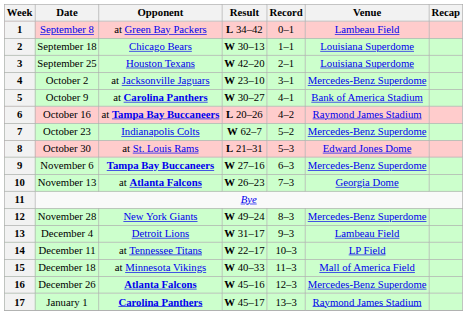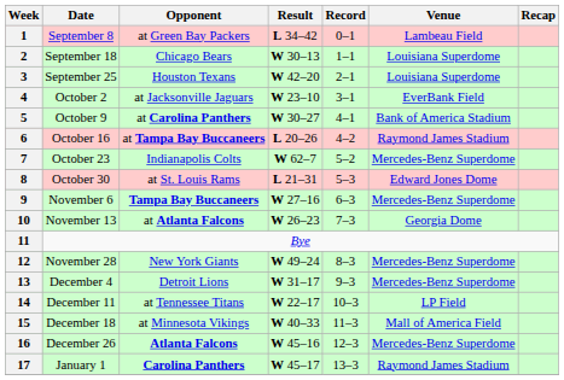 <table class="wikitable" style="text-align:center">
 <tr>
 <th>Week</th>
 <th>Date</th>
 <th>Opponent</th>
 <th>Result</th>
 <th>Record</th>
 <th>Venue</th>
 <th>Recap</th>
 </tr>
 <tr style="background:#fcc">
 <th>1</th>
 <td><a href='#'>September 8</a></td>
 <td>at <a href='#'>Green Bay Packers</a></td>
 <td><strong>L</strong> 34–42</td>
 <td>0–1</td>
 <td><a href='#'>Lambeau Field</a></td>
 <td></td>
 </tr>
 <tr style="background:#cfc">
 <th>2</th>
 <td>September 18</td>
 <td><a href='#'>Chicago Bears</a></td>
 <td><strong>W</strong> 30–13</td>
 <td>1–1</td>
 <td><a href='#'>Louisiana Superdome</a></td>
 <td></td>
 </tr>
 <tr style="background:#cfc">
 <th>3</th>
 <td>September 25</td>
 <td><a href='#'>Houston Texans</a></td>
 <td><strong>W</strong> 42–20</td>
 <td>2–1</td>
 <td><a href='#'>Louisiana Superdome</a></td>
 <td></td>
 </tr>
 <tr style="background:#cfc">
 <th>4</th>
 <td>October 2</td>
 <td>at <a href='#'>Jacksonville Jaguars</a></td>
 <td><strong>W</strong> 23–10</td>
 <td>3–1</td>
-<td><a href='#'>Mercedes-Benz Superdome</a></td>
+<td><a href='#'>EverBank Field</a></td>
 <td></td>
 </tr>
 <tr style="background:#cfc">
 <th>5</th>
 <td>October 9</td>
 <td>at <strong><a href='#'>Carolina Panthers</a></strong></td>
 <td><strong>W</strong> 30–27</td>
 <td>4–1</td>
 <td><a href='#'>Bank of America Stadium</a></td>
 <td></td>
 </tr>
 <tr style="background:#fcc">
 <th>6</th>
 <td>October 16</td>
 <td>at <strong><a href='#'>Tampa Bay Buccaneers</a></strong></td>
 <td><strong>L</strong> 20–26</td>
 <td>4–2</td>
 <td><a href='#'>Raymond James Stadium</a></td>
 <td></td>
 </tr>
 <tr style="background:#cfc">
 <th>7</th>
 <td>October 23</td>
 <td><a href='#'>Indianapolis Colts</a></td>
 <td><strong>W</strong> 62–7</td>
 <td>5–2</td>
 <td><a href='#'>Mercedes-Benz Superdome</a></td>
 <td></td>
 </tr>
 <tr style="background:#fcc">
 <th>8</th>
 <td>October 30</td>
 <td>at <a href='#'>St. Louis Rams</a></td>
 <td><strong>L</strong> 21–31</td>
 <td>5–3</td>
 <td><a href='#'>Edward Jones Dome</a></td>
 <td></td>
 </tr>
 <tr style="background:#cfc">
 <th>9</th>
 <td>November 6</td>
 <td><strong><a href='#'>Tampa Bay Buccaneers</a></strong></td>
 <td><strong>W</strong> 27–16</td>
 <td>6–3</td>
 <td><a href='#'>Mercedes-Benz Superdome</a></td>
 <td></td>
 </tr>
 <tr style="background:#cfc">
 <th>10</th>
 <td>November 13</td>
 <td>at <strong><a href='#'>Atlanta Falcons</a></strong></td>
 <td><strong>W</strong> 26–23 </td>
 <td>7–3</td>
 <td><a href='#'>Georgia Dome</a></td>
 <td></td>
 </tr>
 <tr>
 <th>11</th>
 <td colspan="8"><em><a href='#'>Bye</a></em></td>
 </tr>
 <tr style="background:#cfc">
 <th>12</th>
 <td>November 28</td>
 <td><a href='#'>New York Giants</a></td>
 <td><strong>W</strong> 49–24</td>
 <td>8–3</td>
 <td><a href='#'>Mercedes-Benz Superdome</a></td>
 <td></td>
 </tr>
 <tr style="background:#cfc">
 <th>13</th>
 <td>December 4</td>
 <td><a href='#'>Detroit Lions</a></td>
 <td><strong>W</strong> 31–17</td>
 <td>9–3</td>
-<td><a href='#'>Lambeau Field</a></td>
+<td><a href='#'>Mercedes-Benz Superdome</a></td>
 <td></td>
 </tr>
 <tr style="background:#cfc">
 <th>14</th>
 <td>December 11</td>
 <td>at <a href='#'>Tennessee Titans</a></td>
 <td><strong>W</strong> 22–17</td>
 <td>10–3</td>
 <td><a href='#'>LP Field</a></td>
 <td></td>
 </tr>
 <tr style="background:#cfc">
 <th>15</th>
 <td>December 18</td>
 <td>at <a href='#'>Minnesota Vikings</a></td>
 <td><strong>W</strong> 40–33</td>
 <td>11–3</td>
 <td><a href='#'>Mall of America Field</a></td>
 <td></td>
 </tr>
 <tr style="background:#cfc">
 <th>16</th>
 <td>December 26</td>
 <td><strong><a href='#'>Atlanta Falcons</a></strong></td>
 <td><strong>W</strong> 45–16</td>
 <td>12–3</td>
 <td><a href='#'>Mercedes-Benz Superdome</a></td>
 <td></td>
 </tr>
 <tr style="background:#cfc">
 <th>17</th>
 <td>January 1</td>
 <td><strong><a href='#'>Carolina Panthers</a></strong></td>
 <td><strong>W</strong> 45–17</td>
 <td>13–3</td>
 <td><a href='#'>Raymond James Stadium</a></td>
 <td></td>
 </tr>
 <tr style="background:#cfc">
 </tr>
 </table>
